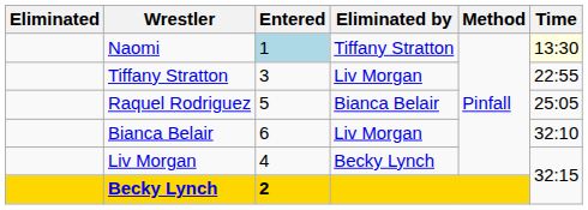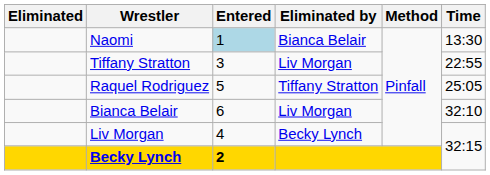 <table class="wikitable sortable">
 <tr>
 <th>Eliminated</th>
 <th>Wrestler</th>
 <th>Entered</th>
 <th>Eliminated by</th>
 <th>Method</th>
 <th>Time</th>
 </tr>
 <tr>
 <td></td>
 <td><a href='#'>Naomi</a></td>
 <td style="background: lightblue;">1</td>
-<td><a href='#'>Tiffany Stratton</a></td>
+<td><a href='#'>Bianca Belair</a></td>
 <td rowspan=5><a href='#'>Pinfall</a></td>
-<td style="background: lightyellow;">13:30</td>
+<td>13:30</td>
 </tr>
 <tr>
 <td></td>
 <td><a href='#'>Tiffany Stratton</a></td>
 <td>3</td>
 <td><a href='#'>Liv Morgan</a></td>
 <td>22:55</td>
 </tr>
 <tr>
 <td></td>
 <td><a href='#'>Raquel Rodriguez</a></td>
 <td>5</td>
-<td><a href='#'>Bianca Belair</a></td>
+<td><a href='#'>Tiffany Stratton</a></td>
 <td>25:05</td>
 </tr>
 <tr>
 <td></td>
 <td><a href='#'>Bianca Belair</a></td>
 <td>6</td>
 <td><a href='#'>Liv Morgan</a></td>
 <td>32:10</td>
 </tr>
 <tr>
 <td></td>
 <td><a href='#'>Liv Morgan</a></td>
 <td>4</td>
 <td><a href='#'>Becky Lynch</a></td>
 <td rowspan=2>32:15</td>
 </tr>
 <tr style="background: gold">
 <td></td>
 <td><strong><a href='#'>Becky Lynch</a></strong></td>
 <td><strong>2</strong></td>
 <td colspan="2"></td>
 </tr>
 </table>
